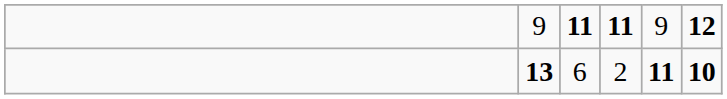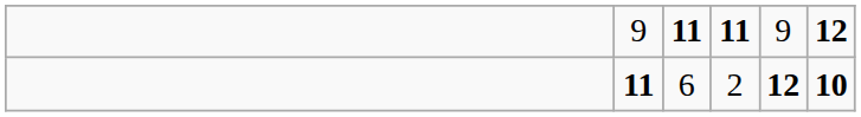 <table class="wikitable">
 <tr>
 <td style="width:18em"><strong></strong></td>
 <td align=center style="width:1em">9</td>
 <td align=center style="width:1em"><strong>11</strong></td>
 <td align=center style="width:1em"><strong>11</strong></td>
 <td align=center style="width:1em">9</td>
 <td align=center style="width:1em"><strong>12</strong></td>
 </tr>
 <tr>
 <td style="width:18em"></td>
-<td align=center style="width:1em"><strong>13</strong></td>
+<td align=center style="width:1em"><strong>11</strong></td>
 <td align=center style="width:1em">6</td>
 <td align=center style="width:1em">2</td>
-<td align=center style="width:1em"><strong>11</strong></td>
+<td align=center style="width:1em"><strong>12</strong></td>
 <td align=center style="width:1em"><strong>10</strong></td>
 </tr>
 </table>
